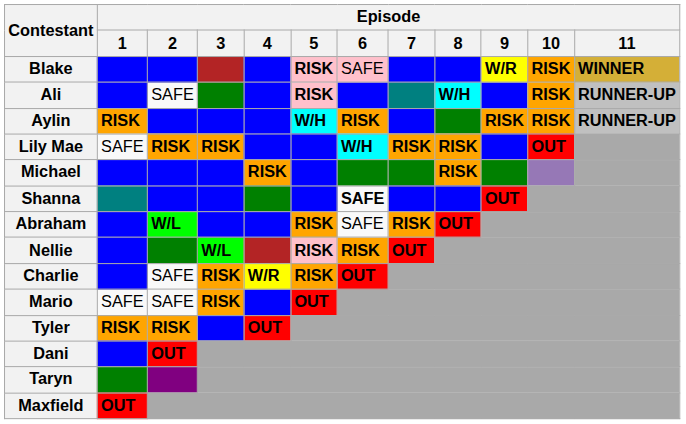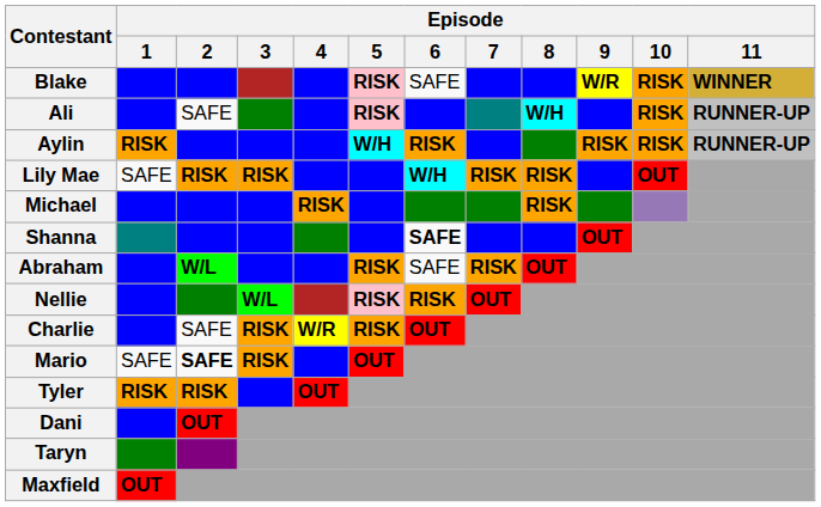 <table class="wikitable" align=>
 <tr>
 <th rowspan=2>Contestant</th>
 <th colspan=11>Episode</th>
 </tr>
 <tr>
 <th>1</th>
 <th>2</th>
 <th>3</th>
 <th>4</th>
 <th>5</th>
 <th>6</th>
 <th>7</th>
 <th>8</th>
 <th>9</th>
 <th>10</th>
 <th>11</th>
 </tr>
 <tr>
 <th>Blake</th>
 <td style="background:blue;"><strong></strong></td>
 <td style="background: blue;"><strong></strong></td>
 <td style="background:#b32425;"><strong></strong></td>
 <td style="background: blue;"><strong></strong></td>
 <td style="background:pink;"><strong>RISK</strong></td>
-<td style="background: pink;">SAFE</td>
+<td>SAFE</td>
 <td style="background:blue;"><strong></strong></td>
 <td style="background: blue;"><strong></strong></td>
 <td style="background:yellow;"><strong>W/R</strong></td>
 <td style="background:orange;"><strong>RISK</strong></td>
 <td style="background:#D4AF37;"><strong>WINNER</strong></td>
 </tr>
 <tr>
 <th>Ali</th>
 <td style="background:blue;"><strong></strong></td>
 <td>SAFE</td>
 <td style="background: green;"><strong></strong></td>
 <td style="background:blue;"><strong></strong></td>
 <td style="background:pink;"><strong>RISK</strong></td>
 <td style="background:blue;"><strong></strong></td>
 <td style="background:teal;"><strong></strong></td>
 <td style="background:aqua;"><strong>W/H</strong></td>
 <td style="background:blue;"><strong></strong></td>
 <td style="background:orange;"><strong>RISK</strong></td>
 <td style="background:silver;"><strong>RUNNER-UP</strong></td>
 </tr>
 <tr>
 <th>Aylin</th>
 <td style="background:orange;"><strong>RISK</strong></td>
 <td style="background:blue;"><strong></strong></td>
 <td style="background: blue;"><strong></strong></td>
 <td style="background: blue;"><strong></strong></td>
 <td style="background:aqua;"><strong>W/H</strong></td>
 <td style="background:orange;"><strong>RISK</strong></td>
 <td style="background:blue;"><strong></strong></td>
 <td style="background:green;"><strong></strong></td>
 <td style="background:orange;"><strong>RISK</strong></td>
 <td style="background:orange;"><strong>RISK</strong></td>
 <td style="background:silver;"><strong>RUNNER-UP</strong></td>
 </tr>
 <tr>
 <th>Lily Mae</th>
 <td>SAFE</td>
 <td style="background:orange;"><strong>RISK</strong></td>
 <td style="background:orange;"><strong>RISK</strong></td>
 <td style="background:blue;"><strong></strong></td>
 <td style="background: blue;"><strong></strong></td>
 <td style="background:aqua;"><strong>W/H</strong></td>
 <td style="background:orange;"><strong>RISK</strong></td>
 <td style="background:orange;"><strong>RISK</strong></td>
 <td style="background:blue;"><strong></strong></td>
 <td style="background:red;"><strong>OUT</strong></td>
 <td style="background:darkgrey;" colspan="3"></td>
 </tr>
 <tr>
 <th>Michael</th>
 <td style="background:blue;"><strong></strong></td>
 <td style="background: blue;"><strong></strong></td>
 <td style="background: blue;"><strong></strong></td>
 <td style="background:orange;"><strong>RISK</strong></td>
 <td style="background:blue;"><strong></strong></td>
 <td style="background:green;"><strong></strong></td>
 <td style="background: green;"><strong></strong></td>
 <td style="background:orange;"><strong>RISK</strong></td>
 <td style="background:green;"><strong></strong></td>
 <td style="background:#9678B6;"><strong></strong></td>
 <td style="background:darkgrey;" colspan="3"></td>
 </tr>
 <tr>
 <th>Shanna</th>
 <td style="background:teal;"><strong></strong></td>
 <td style="background:blue;"><strong></strong></td>
 <td style="background: blue;"><strong></strong></td>
 <td style="background:green;"><strong></strong></td>
 <td style="background:blue;"><strong></strong></td>
 <td><strong>SAFE</strong></td>
 <td style="background:blue;"><strong></strong></td>
 <td style="background: blue;"><strong></strong></td>
 <td style="background:red;"><strong>OUT</strong></td>
 <td style="background:darkgrey;" colspan="4"></td>
 </tr>
 <tr>
 <th>Abraham</th>
 <td style="background:blue;"><strong></strong></td>
 <td style="background:lime;"><strong>W/L</strong></td>
 <td style="background:blue;"><strong></strong></td>
 <td style="background: blue;"><strong></strong></td>
 <td style="background:orange;"><strong>RISK</strong></td>
 <td>SAFE</td>
 <td style="background:orange;"><strong>RISK</strong></td>
 <td style="background:red;"><strong>OUT</strong></td>
 <td style="background:darkgrey;" colspan="5"></td>
 </tr>
 <tr>
 <th>Nellie</th>
 <td style="background:blue;"><strong></strong></td>
 <td style="background:green;"><strong></strong></td>
 <td style="background:lime;"><strong>W/L</strong></td>
 <td style="background:#b32425;"><strong></strong></td>
 <td style="background:pink;"><strong>RISK</strong></td>
 <td style="background:orange;"><strong>RISK</strong></td>
 <td style="background:red;"><strong>OUT</strong></td>
 <td style="background:darkgrey;" colspan="6"></td>
 </tr>
 <tr>
 <th>Charlie</th>
 <td style="background:blue;"><strong></strong></td>
 <td>SAFE</td>
 <td style="background:orange;"><strong>RISK</strong></td>
 <td style="background:yellow;"><strong>W/R</strong></td>
 <td style="background:orange;"><strong>RISK</strong></td>
 <td style="background:red;"><strong>OUT</strong></td>
 <td style="background:darkgrey;" colspan="6"></td>
 </tr>
 <tr>
 <th>Mario</th>
 <td>SAFE</td>
-<td>SAFE</td>
+<td><strong>SAFE</strong></td>
 <td style="background:orange;"><strong>RISK</strong></td>
 <td style="background:blue;"><strong></strong></td>
 <td style="background:red;"><strong>OUT</strong></td>
 <td style="background:darkgrey;" colspan="7"></td>
 </tr>
 <tr>
 <th>Tyler</th>
 <td style="background:orange;"><strong>RISK</strong></td>
 <td style="background:orange;"><strong>RISK</strong></td>
 <td style="background:blue;"><strong></strong></td>
 <td style="background:red;"><strong>OUT</strong></td>
 <td style="background:darkgrey;" colspan="8"></td>
 </tr>
 <tr>
 <th>Dani</th>
 <td style="background:blue;"><strong></strong></td>
 <td style="background:red;"><strong>OUT</strong></td>
 <td style="background:darkgrey;" colspan="9"></td>
 </tr>
 <tr>
 <th>Taryn</th>
 <td style="background:green;"><strong></strong></td>
 <td style="background: purple;"><strong></strong></td>
 <td style="background:darkgrey;" colspan="9"></td>
 </tr>
 <tr>
 <th>Maxfield</th>
 <td style="background:red;"><strong>OUT</strong></td>
 <td style="background:darkgrey;" colspan="10"></td>
 </tr>
 </table>
